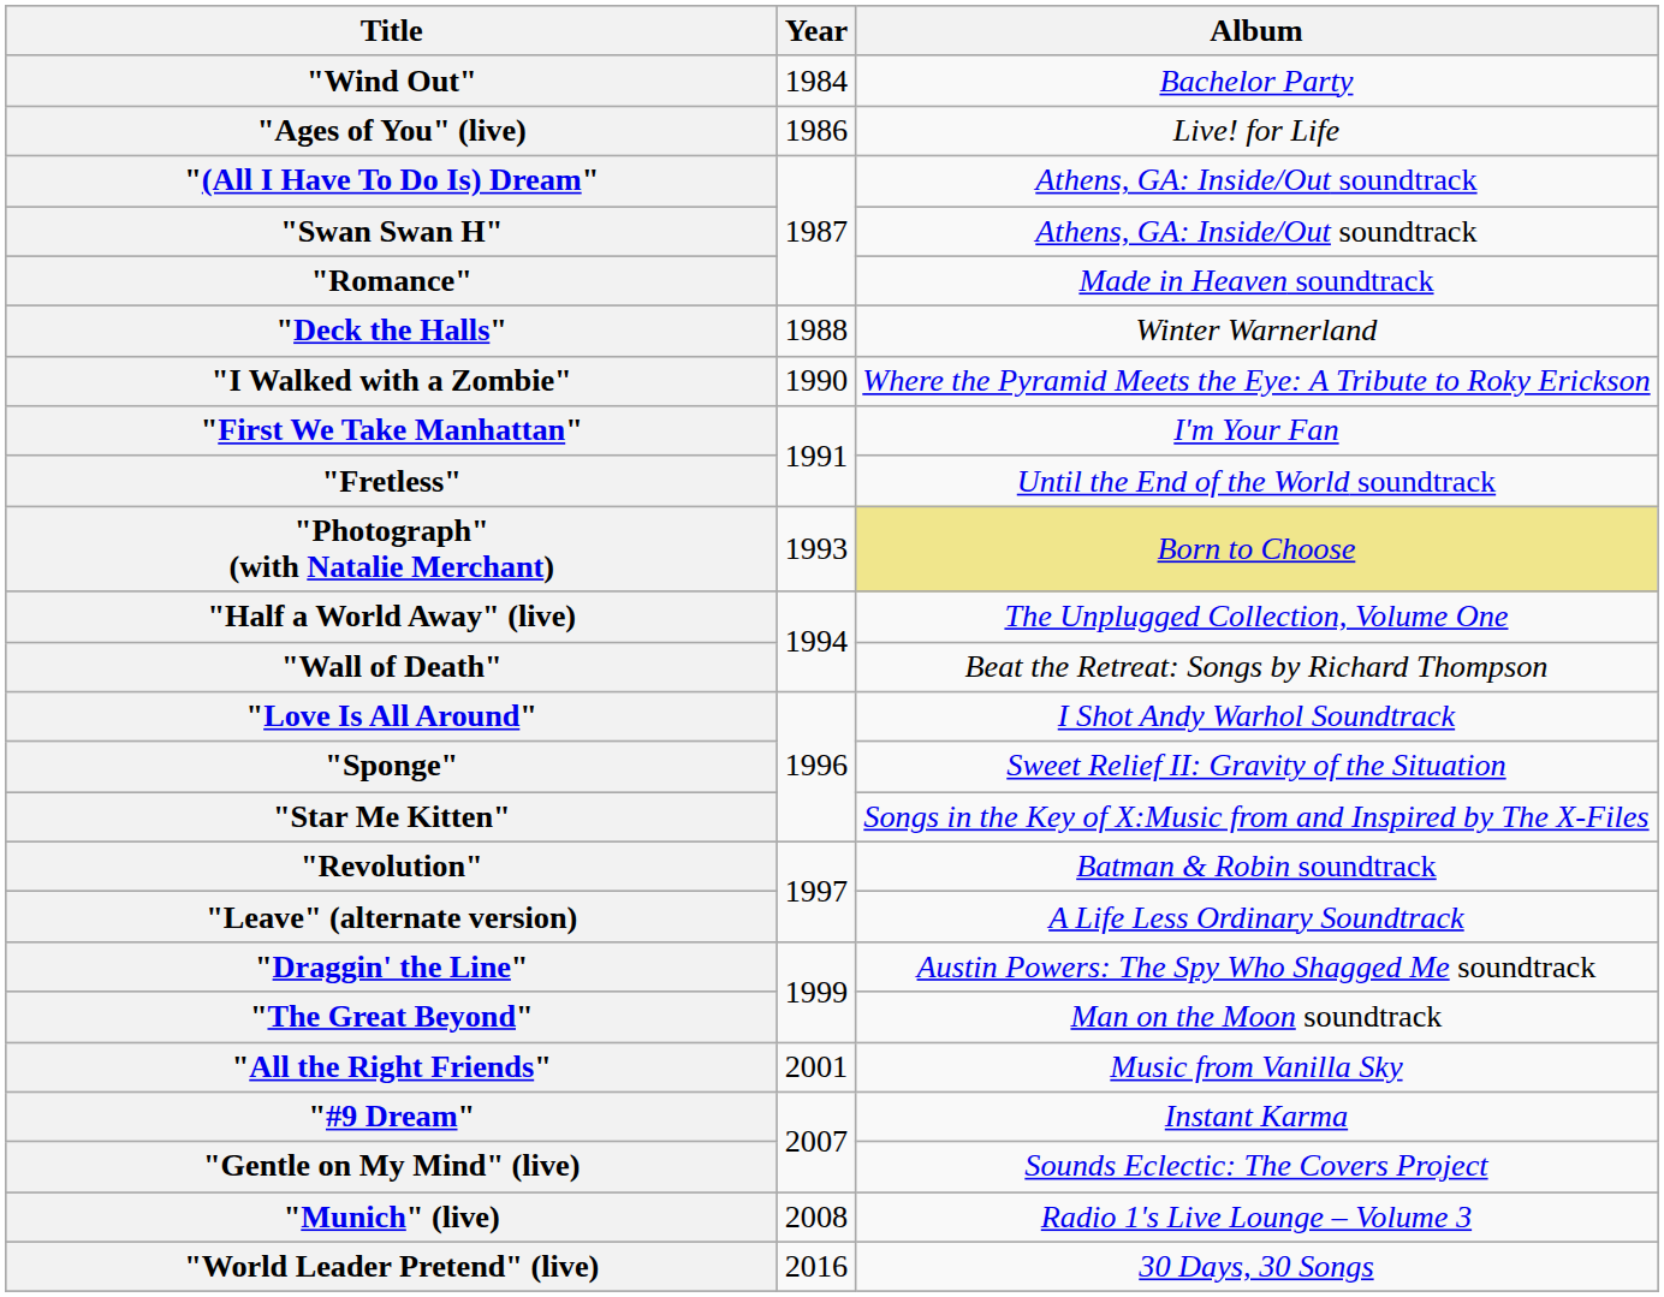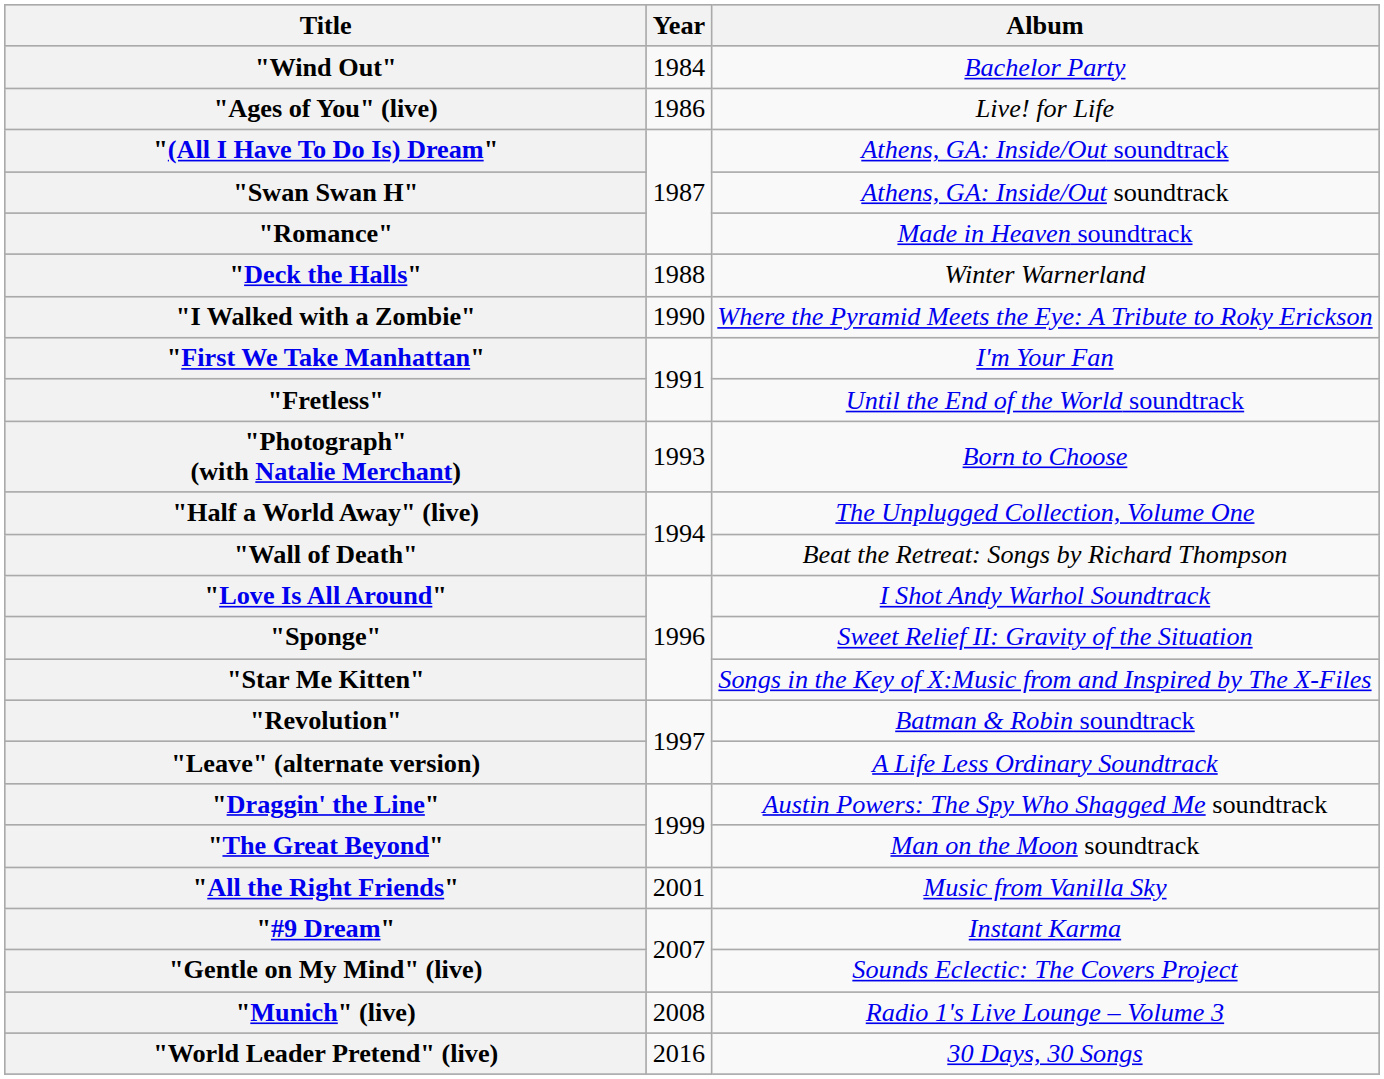 <table class="wikitable plainrowheaders" style="text-align:center;" border="1">
 <tr>
 <th scope="col" style="width:24em;">Title</th>
 <th scope="col">Year</th>
 <th scope="col">Album</th>
 </tr>
 <tr>
 <th scope="row">"Wind Out"</th>
 <td>1984</td>
 <td><em><a href='#'>Bachelor Party</a></em></td>
 </tr>
 <tr>
 <th scope="row">"Ages of You" (live)</th>
 <td>1986</td>
 <td><em>Live! for Life</em></td>
 </tr>
 <tr>
 <th scope="row">"<a href='#'>(All I Have To Do Is) Dream</a>"</th>
 <td rowspan="3">1987</td>
 <td><a href='#'><em>Athens, GA: Inside/Out</em> soundtrack</a></td>
 </tr>
 <tr>
 <th scope="row">"Swan Swan H"</th>
 <td><em><a href='#'>Athens, GA: Inside/Out</a></em> soundtrack</td>
 </tr>
 <tr>
 <th scope="row">"Romance"</th>
 <td><a href='#'><em>Made in Heaven</em> soundtrack</a></td>
 </tr>
 <tr>
 <th scope="row">"<a href='#'>Deck the Halls</a>"</th>
 <td>1988</td>
 <td><em>Winter Warnerland</em></td>
 </tr>
 <tr>
 <th scope="row">"I Walked with a Zombie"</th>
 <td>1990</td>
 <td><em><a href='#'>Where the Pyramid Meets the Eye: A Tribute to Roky Erickson</a></em></td>
 </tr>
 <tr>
 <th scope="row">"<a href='#'>First We Take Manhattan</a>"</th>
 <td rowspan="2">1991</td>
 <td><em><a href='#'>I'm Your Fan</a></em></td>
 </tr>
 <tr>
 <th scope="row">"Fretless"</th>
 <td><a href='#'><em>Until the End of the World</em> soundtrack</a></td>
 </tr>
 <tr>
 <th scope="row">"Photograph"<br><span>(with <a href='#'>Natalie Merchant</a>)</span></th>
 <td>1993</td>
-<td style="background: khaki;"><em><a href='#'>Born to Choose</a></em></td>
+<td><em><a href='#'>Born to Choose</a></em></td>
 </tr>
 <tr>
 <th scope="row">"Half a World Away" (live)</th>
 <td rowspan="2">1994</td>
 <td><em><a href='#'>The Unplugged Collection, Volume One</a></em></td>
 </tr>
 <tr>
 <th scope="row">"Wall of Death"</th>
 <td><em>Beat the Retreat: Songs by Richard Thompson</em></td>
 </tr>
 <tr>
 <th scope="row">"<a href='#'>Love Is All Around</a>"</th>
 <td rowspan="3">1996</td>
 <td><em><a href='#'>I Shot Andy Warhol Soundtrack</a></em></td>
 </tr>
 <tr>
 <th scope="row">"Sponge"</th>
 <td><em><a href='#'>Sweet Relief II: Gravity of the Situation</a></em></td>
 </tr>
 <tr>
 <th scope="row">"Star Me Kitten"</th>
 <td><em><a href='#'>Songs in the Key of X:Music from and Inspired by The X-Files</a></em></td>
 </tr>
 <tr>
 <th scope="row">"Revolution"</th>
 <td rowspan="2">1997</td>
 <td><a href='#'><em>Batman & Robin</em> soundtrack</a></td>
 </tr>
 <tr>
 <th scope="row">"Leave" (alternate version)</th>
 <td><em><a href='#'>A Life Less Ordinary Soundtrack</a></em></td>
 </tr>
 <tr>
 <th scope="row">"<a href='#'>Draggin' the Line</a>"</th>
 <td rowspan="2">1999</td>
 <td><em><a href='#'>Austin Powers: The Spy Who Shagged Me</a></em> soundtrack</td>
 </tr>
 <tr>
 <th scope="row">"<a href='#'>The Great Beyond</a>"</th>
 <td><em><a href='#'>Man on the Moon</a></em> soundtrack</td>
 </tr>
 <tr>
 <th scope="row">"<a href='#'>All the Right Friends</a>"</th>
 <td>2001</td>
 <td><em><a href='#'>Music from Vanilla Sky</a></em></td>
 </tr>
 <tr>
 <th scope="row">"<a href='#'>#9 Dream</a>"</th>
 <td rowspan="2">2007</td>
 <td><em><a href='#'>Instant Karma</a></em></td>
 </tr>
 <tr>
 <th scope="row">"Gentle on My Mind" (live)</th>
 <td><em><a href='#'>Sounds Eclectic: The Covers Project</a></em></td>
 </tr>
 <tr>
 <th scope="row">"<a href='#'>Munich</a>" (live)</th>
 <td>2008</td>
 <td><em><a href='#'>Radio 1's Live Lounge – Volume 3</a></em></td>
 </tr>
 <tr>
 <th scope="row">"World Leader Pretend" (live)</th>
 <td>2016</td>
 <td><em><a href='#'>30 Days, 30 Songs</a></em></td>
 </tr>
 </table>
